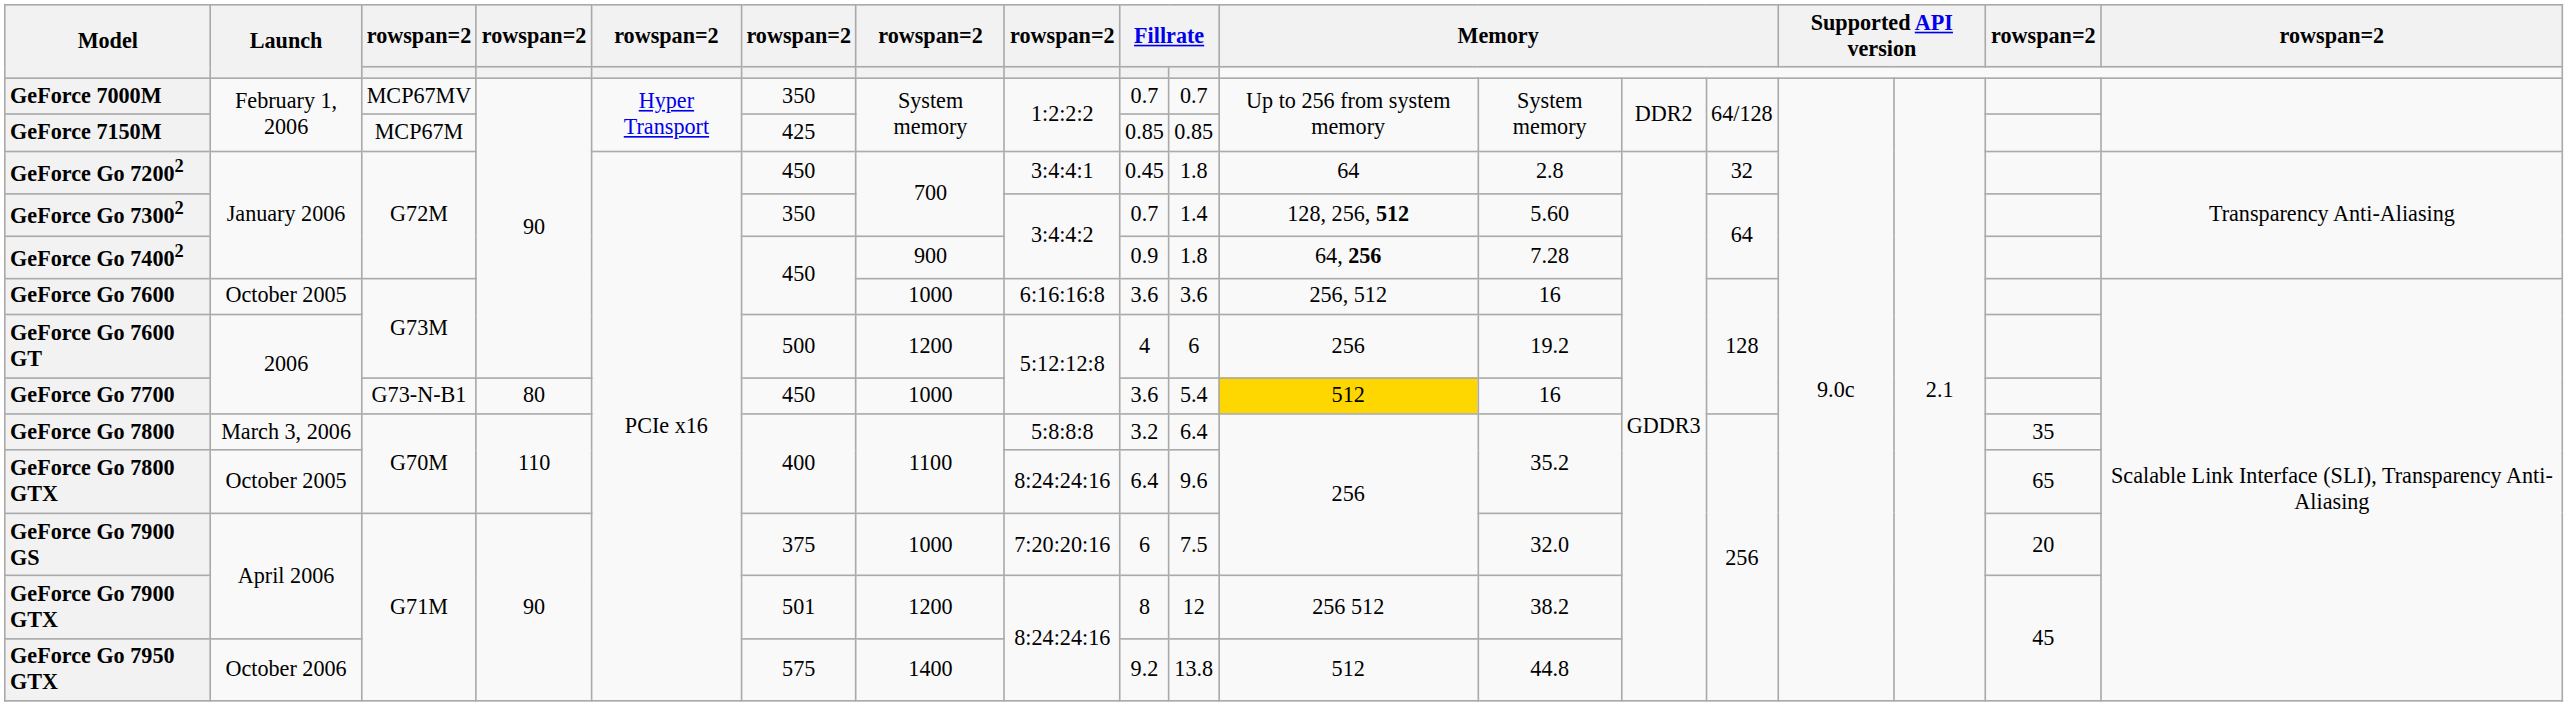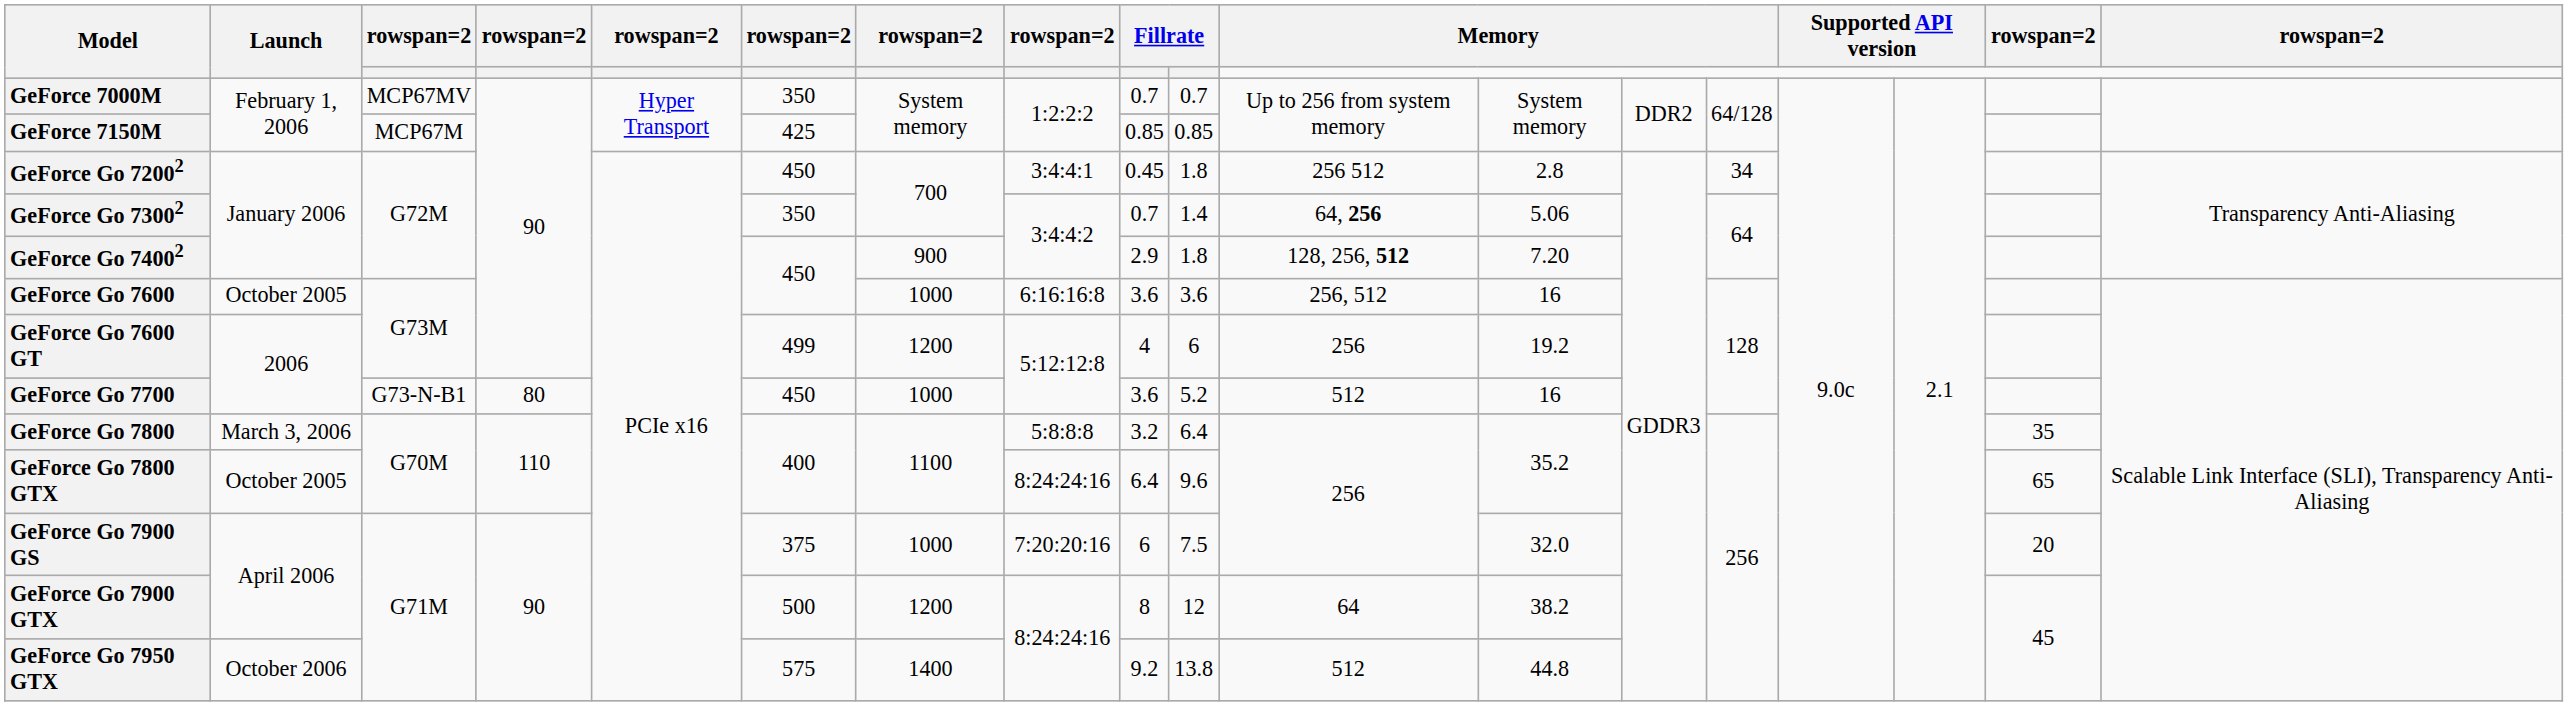 <table class="mw-datatable wikitable sortable" style="font-size:85%; text-align:center;">
 <tr>
 <th rowspan=2>Model</th>
 <th rowspan=2>Launch</th>
 <th>rowspan=2 </th>
 <th>rowspan=2 </th>
 <th>rowspan=2 </th>
 <th>rowspan=2 </th>
 <th>rowspan=2 </th>
 <th>rowspan=2 </th>
 <th colspan=2><a href='#'>Fillrate</a></th>
 <th colspan=4>Memory</th>
 <th colspan=2>Supported <a href='#'>API</a> version</th>
 <th>rowspan=2 </th>
 <th>rowspan=2 </th>
 </tr>
 <tr>
 <th></th>
 <th></th>
 <th></th>
 <th></th>
 <th></th>
 <th></th>
 <th></th>
 <th></th>
 </tr>
 <tr>
 <th style="text-align:left;">GeForce 7000M</th>
 <td rowspan="2">February 1, 2006</td>
 <td>MCP67MV</td>
 <td rowspan="7">90</td>
 <td rowspan="2"><a href='#'>Hyper Transport</a></td>
 <td>350</td>
 <td rowspan="2">System memory</td>
 <td rowspan="2">1:2:2:2</td>
 <td>0.7</td>
 <td>0.7</td>
 <td rowspan="2">Up to 256 from system memory</td>
 <td rowspan="2">System memory</td>
 <td rowspan="2">DDR2</td>
 <td rowspan="2">64/128</td>
 <td rowspan="13">9.0c</td>
 <td rowspan="13">2.1</td>
 <td></td>
 <td rowspan="2"></td>
 </tr>
 <tr>
 <th style="text-align:left;">GeForce 7150M</th>
 <td>MCP67M</td>
 <td>425</td>
 <td>0.85</td>
 <td>0.85</td>
 <td></td>
 </tr>
 <tr>
 <th style="text-align:left;">GeForce Go 7200<sup>2</sup></th>
 <td rowspan="3">January 2006</td>
 <td rowspan="3">G72M</td>
 <td rowspan="11">PCIe x16</td>
 <td>450</td>
 <td rowspan="2">700</td>
 <td>3:4:4:1</td>
 <td>0.45</td>
 <td>1.8</td>
-<td>64</td>
+<td>256 512</td>
 <td>2.8</td>
 <td rowspan="11">GDDR3</td>
-<td>32</td>
+<td>34</td>
 <td></td>
 <td rowspan="3">Transparency Anti-Aliasing</td>
 </tr>
 <tr>
 <th style="text-align:left;">GeForce Go 7300<sup>2</sup></th>
 <td>350</td>
 <td rowspan="2">3:4:4:2</td>
 <td>0.7</td>
 <td>1.4</td>
-<td>128, 256, <strong>512</strong></td>
-<td>5.60</td>
+<td>64, <strong>256</strong></td>
+<td>5.06</td>
 <td rowspan="2">64</td>
 <td></td>
 </tr>
 <tr>
 <th style="text-align:left;">GeForce Go 7400<sup>2</sup></th>
 <td rowspan="2">450</td>
 <td>900</td>
-<td>0.9</td>
+<td>2.9</td>
 <td>1.8</td>
-<td>64, <strong>256</strong></td>
-<td>7.28</td>
+<td>128, 256, <strong>512</strong></td>
+<td>7.20</td>
 <td></td>
 </tr>
 <tr>
 <th style="text-align:left;">GeForce Go 7600</th>
 <td>October 2005</td>
 <td rowspan="2">G73M</td>
 <td>1000</td>
 <td>6:16:16:8</td>
 <td>3.6</td>
 <td>3.6</td>
 <td>256, 512</td>
 <td>16</td>
 <td rowspan="3">128</td>
 <td></td>
 <td rowspan="8">Scalable Link Interface (SLI), Transparency Anti-Aliasing</td>
 </tr>
 <tr>
 <th style="text-align:left;">GeForce Go 7600 GT</th>
 <td rowspan="2">2006</td>
-<td>500</td>
+<td>499</td>
 <td>1200</td>
 <td rowspan="2">5:12:12:8</td>
 <td>4</td>
 <td>6</td>
 <td>256</td>
 <td>19.2</td>
 <td></td>
 </tr>
 <tr>
 <th style="text-align:left;">GeForce Go 7700</th>
 <td>G73-N-B1</td>
 <td>80</td>
 <td>450</td>
 <td>1000</td>
 <td>3.6</td>
-<td>5.4</td>
-<td style="background: gold;">512</td>
+<td>5.2</td>
+<td>512</td>
 <td>16</td>
 <td></td>
 </tr>
 <tr>
 <th style="text-align:left;">GeForce Go 7800</th>
 <td>March 3, 2006</td>
 <td rowspan="2">G70M</td>
 <td rowspan="2">110</td>
 <td rowspan="2">400</td>
 <td rowspan="2">1100</td>
 <td>5:8:8:8</td>
 <td>3.2</td>
 <td>6.4</td>
 <td rowspan="3">256</td>
 <td rowspan="2">35.2</td>
 <td rowspan="5">256</td>
 <td>35</td>
 </tr>
 <tr>
 <th style="text-align:left;">GeForce Go 7800 GTX</th>
 <td>October 2005</td>
 <td>8:24:24:16</td>
 <td>6.4</td>
 <td>9.6</td>
 <td>65</td>
 </tr>
 <tr>
 <th style="text-align:left;">GeForce Go 7900 GS</th>
 <td rowspan="2">April 2006</td>
 <td rowspan="3">G71M</td>
 <td rowspan="3">90</td>
 <td>375</td>
 <td>1000</td>
 <td>7:20:20:16</td>
 <td>6</td>
 <td>7.5</td>
 <td>32.0</td>
 <td>20</td>
 </tr>
 <tr>
 <th style="text-align:left;">GeForce Go 7900 GTX</th>
-<td>501</td>
+<td>500</td>
 <td>1200</td>
 <td rowspan="2">8:24:24:16</td>
 <td>8</td>
 <td>12</td>
-<td>256 512</td>
+<td>64</td>
 <td>38.2</td>
 <td rowspan="2">45</td>
 </tr>
 <tr>
 <th style="text-align:left;">GeForce Go 7950 GTX</th>
 <td>October 2006</td>
 <td>575</td>
 <td>1400</td>
 <td>9.2</td>
 <td>13.8</td>
 <td>512</td>
 <td>44.8</td>
 </tr>
 </table>
